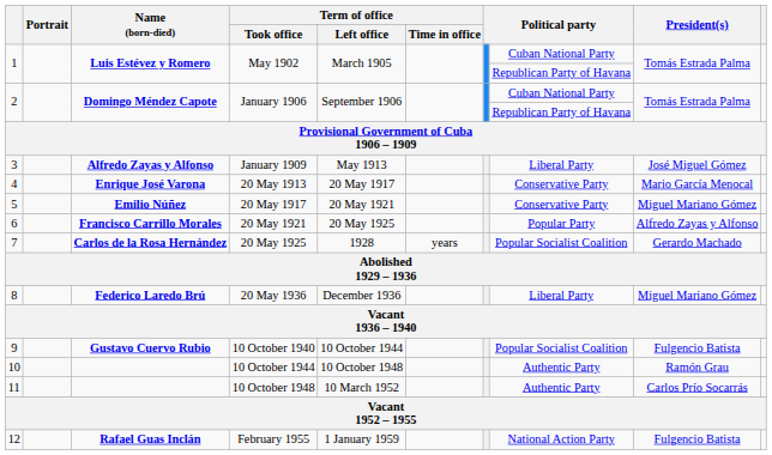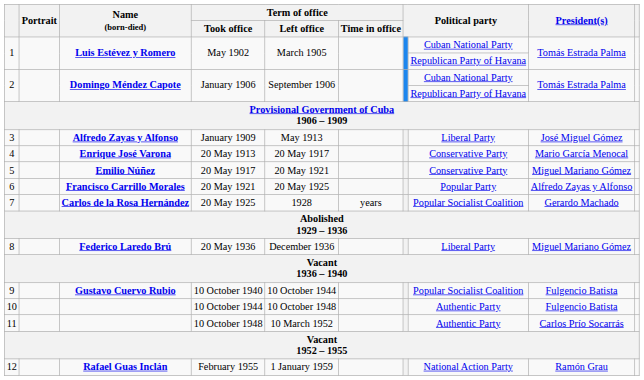 <table class="wikitable" style="text-align:center;">
 <tr>
 <th rowspan=2></th>
 <th rowspan=2>Portrait</th>
 <th rowspan=2>Name<br><small>(born-died)</small></th>
 <th colspan=3>Term of office</th>
 <th colspan=2 rowspan=2>Political party</th>
 <th rowspan=2><a href='#'>President(s)</a></th>
 <th rowspan=2></th>
 </tr>
 <tr>
 <th>Took office</th>
 <th>Left office</th>
 <th>Time in office</th>
 </tr>
 <tr>
 <td rowspan="2">1</td>
 <td rowspan="2"></td>
 <td rowspan="2"><strong><a href='#'>Luis Estévez y Romero</a></strong><br></td>
 <td rowspan="2">May 1902</td>
 <td rowspan="2">March 1905</td>
 <td rowspan="2"></td>
 <th rowspan="2" style="background:#1C86EE;"></th>
 <td><a href='#'>Cuban National Party</a></td>
 <td rowspan="2"><a href='#'>Tomás Estrada Palma</a></td>
 <td rowspan="2"></td>
 </tr>
 <tr>
 <td><a href='#'>Republican Party of Havana</a></td>
 </tr>
 <tr>
 <td rowspan="2">2</td>
 <td rowspan="2"></td>
 <td rowspan="2"><strong><a href='#'>Domingo Méndez Capote</a></strong><br></td>
 <td rowspan="2">January 1906</td>
 <td rowspan="2">September 1906</td>
 <td rowspan="2"></td>
 <th rowspan="2" style="background:#1C86EE;"></th>
 <td><a href='#'>Cuban National Party</a></td>
 <td rowspan="2"><a href='#'>Tomás Estrada Palma</a></td>
 <td rowspan="2"></td>
 </tr>
 <tr>
 <td><a href='#'>Republican Party of Havana</a></td>
 </tr>
 <tr>
 <th colspan=10><a href='#'>Provisional Government of Cuba</a><br>1906 – 1909</th>
 </tr>
 <tr>
 <td>3</td>
 <td></td>
 <td><strong><a href='#'>Alfredo Zayas y Alfonso</a></strong><br></td>
 <td>January 1909</td>
 <td>May 1913</td>
 <td></td>
 <th style="background:"></th>
 <td><a href='#'>Liberal Party</a></td>
 <td><a href='#'>José Miguel Gómez</a></td>
 <td></td>
 </tr>
 <tr>
 <td>4</td>
 <td></td>
 <td><strong><a href='#'>Enrique José Varona</a></strong><br></td>
 <td>20 May 1913</td>
 <td>20 May 1917</td>
 <td></td>
 <th style="background:"></th>
 <td><a href='#'>Conservative Party</a></td>
 <td><a href='#'>Mario García Menocal</a></td>
 <td></td>
 </tr>
 <tr>
 <td>5</td>
 <td></td>
 <td><strong><a href='#'>Emilio Núñez</a></strong><br></td>
 <td>20 May 1917</td>
 <td>20 May 1921</td>
 <td></td>
 <th style="background:"></th>
 <td><a href='#'>Conservative Party</a></td>
 <td><a href='#'>Miguel Mariano Gómez</a></td>
 <td></td>
 </tr>
 <tr>
 <td>6</td>
 <td></td>
 <td><strong><a href='#'>Francisco Carrillo Morales</a></strong><br></td>
 <td>20 May 1921</td>
 <td>20 May 1925</td>
 <td></td>
 <th style="background:"></th>
 <td><a href='#'>Popular Party</a></td>
 <td><a href='#'>Alfredo Zayas y Alfonso</a></td>
 <td></td>
 </tr>
 <tr>
 <td>7</td>
 <td></td>
 <td><strong><a href='#'>Carlos de la Rosa Hernández</a></strong><br></td>
 <td>20 May 1925</td>
 <td>1928</td>
 <td> years</td>
 <th style="background:"></th>
 <td><a href='#'>Popular Socialist Coalition</a></td>
 <td><a href='#'>Gerardo Machado</a></td>
 <td></td>
 </tr>
 <tr>
 <th colspan=10>Abolished<br>1929 – 1936</th>
 </tr>
 <tr>
 <td>8</td>
 <td></td>
 <td><strong><a href='#'>Federico Laredo Brú</a></strong><br></td>
 <td>20 May 1936</td>
 <td>December 1936</td>
 <td></td>
 <th style="background:"></th>
 <td><a href='#'>Liberal Party</a></td>
 <td><a href='#'>Miguel Mariano Gómez</a></td>
 <td></td>
 </tr>
 <tr>
 <th colspan=10>Vacant<br>1936 – 1940</th>
 </tr>
 <tr>
 <td>9</td>
 <td></td>
 <td><strong><a href='#'>Gustavo Cuervo Rubio</a></strong><br></td>
 <td>10 October 1940</td>
 <td>10 October 1944</td>
 <td></td>
 <th style="background:"></th>
 <td><a href='#'>Popular Socialist Coalition</a></td>
 <td><a href='#'>Fulgencio Batista</a></td>
 <td></td>
 </tr>
 <tr>
 <td>10</td>
 <td></td>
 <td><strong></strong><br></td>
 <td>10 October 1944</td>
 <td>10 October 1948</td>
 <td></td>
 <th style="background:"></th>
 <td><a href='#'>Authentic Party</a></td>
-<td><a href='#'>Ramón Grau</a></td>
+<td><a href='#'>Fulgencio Batista</a></td>
 <td></td>
 </tr>
 <tr>
 <td>11</td>
 <td></td>
 <td><strong></strong><br></td>
 <td>10 October 1948</td>
 <td>10 March 1952</td>
 <td></td>
 <th style="background:"></th>
 <td><a href='#'>Authentic Party</a></td>
 <td><a href='#'>Carlos Prío Socarrás</a></td>
 <td></td>
 </tr>
 <tr>
 <th colspan=10>Vacant<br>1952 – 1955</th>
 </tr>
 <tr>
 <td>12</td>
 <td></td>
 <td><strong><a href='#'>Rafael Guas Inclán</a></strong><br></td>
 <td>February 1955</td>
 <td>1 January 1959</td>
 <td></td>
 <th style="background:"></th>
 <td><a href='#'>National Action Party</a></td>
-<td><a href='#'>Fulgencio Batista</a></td>
+<td><a href='#'>Ramón Grau</a></td>
 <td></td>
 </tr>
 </table>
